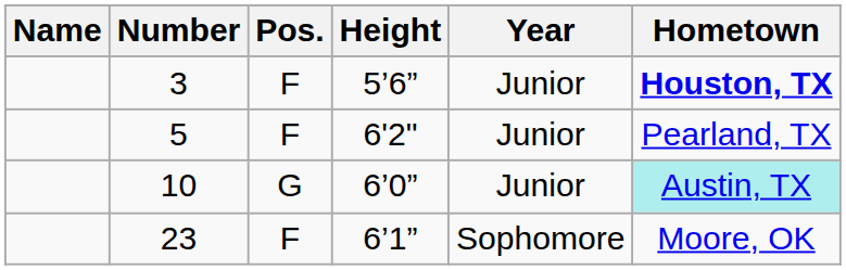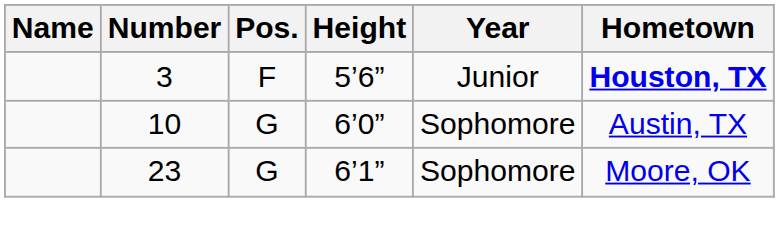 <table class="wikitable sortable" border="1">
 <tr>
 <th style="text-align:center; ">Name</th>
 <th style="text-align:center; ">Number</th>
 <th style="text-align:center; ">Pos.</th>
 <th style="text-align:center; ">Height</th>
 <th style="text-align:center; ">Year</th>
 <th style="text-align:center; ">Hometown</th>
 </tr>
 <tr align="center">
 <td></td>
 <td>3</td>
 <td>F</td>
 <td>5’6”</td>
 <td>Junior</td>
 <td><strong><a href='#'>Houston, TX</a></strong></td>
 </tr>
 <tr align="center">
 <td></td>
-<td>5</td>
-<td>F</td>
-<td>6'2"</td>
-<td>Junior</td>
-<td><a href='#'>Pearland, TX</a></td>
-</tr>
-<tr align="center">
-<td></td>
 <td>10</td>
 <td>G</td>
 <td>6’0”</td>
-<td>Junior</td>
-<td style="background: paleturquoise;"><a href='#'>Austin, TX</a></td>
+<td>Sophomore</td>
+<td><a href='#'>Austin, TX</a></td>
 </tr>
 <tr align="center">
 <td></td>
 <td>23</td>
-<td>F</td>
+<td>G</td>
 <td>6’1”</td>
 <td>Sophomore</td>
 <td><a href='#'>Moore, OK</a></td>
 </tr>
 </table>
